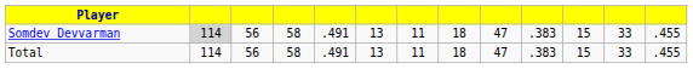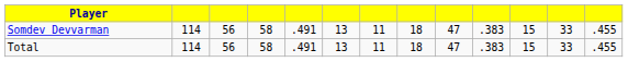 <table class="wikitable" style="text-align:center">
 <tr>
 <th style="background:yellow; color:#00009C" width="200px">Player</th>
 <th style="background:yellow; color:#00009C" width="40px"></th>
 <th style="background:yellow; color:#00009C" width="40px"></th>
 <th style="background:yellow; color:#00009C" width="40px"></th>
 <th style="background:yellow; color:#00009C" width="40px"></th>
 <th style="background:yellow; color:#00009C" width="40px"></th>
 <th style="background:yellow; color:#00009C" width="40px"></th>
 <th style="background:yellow; color:#00009C" width="40px"></th>
 <th style="background:yellow; color:#00009C" width="40px"></th>
 <th style="background:yellow; color:#00009C" width="40px"></th>
 <th style="background:yellow; color:#00009C" width="40px"></th>
 <th style="background:yellow; color:#00009C" width="40px"></th>
 <th style="background:yellow; color:#00009C" width="40px"></th>
 </tr>
 <tr>
 <td style="text-align:left"><a href='#'>Somdev Devvarman</a></td>
-<td style="background: lightgrey;">114</td>
+<td>114</td>
 <td>56</td>
 <td>58</td>
 <td>.491</td>
 <td>13</td>
 <td>11</td>
 <td>18</td>
 <td>47</td>
 <td>.383</td>
 <td>15</td>
 <td>33</td>
 <td>.455</td>
 </tr>
 <tr>
 <td style="text-align:left">Total</td>
 <td>114</td>
 <td>56</td>
 <td>58</td>
 <td>.491</td>
 <td>13</td>
 <td>11</td>
 <td>18</td>
 <td>47</td>
 <td>.383</td>
 <td>15</td>
 <td>33</td>
 <td>.455</td>
 </tr>
 </table>
